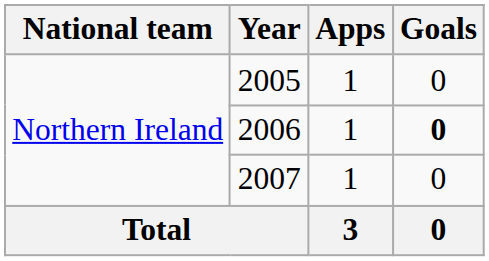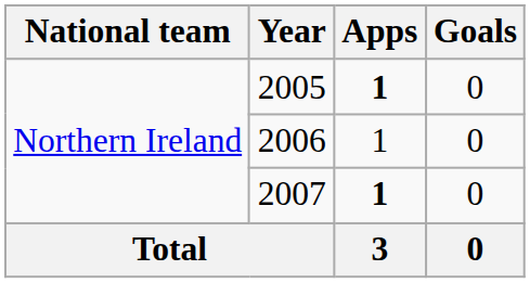 <table class=wikitable style=text-align:center>
 <tr>
 <th>National team</th>
 <th>Year</th>
 <th>Apps</th>
 <th>Goals</th>
 </tr>
 <tr>
 <td rowspan=3><a href='#'>Northern Ireland</a></td>
 <td>2005</td>
-<td>1</td>
+<td><strong>1</strong></td>
 <td>0</td>
 </tr>
 <tr>
 <td>2006</td>
 <td>1</td>
-<td><strong>0</strong></td>
+<td>0</td>
 </tr>
 <tr>
 <td>2007</td>
-<td>1</td>
+<td><strong>1</strong></td>
 <td>0</td>
 </tr>
 <tr>
 <th colspan=2>Total</th>
 <th>3</th>
 <th>0</th>
 </tr>
 </table>
